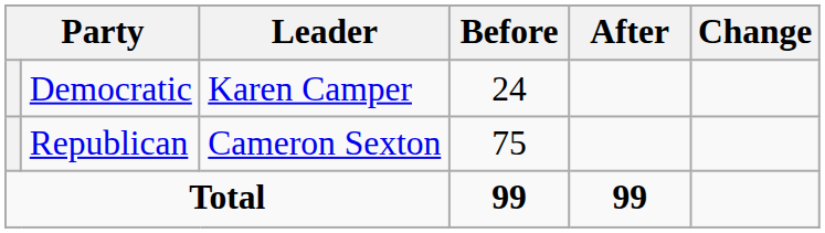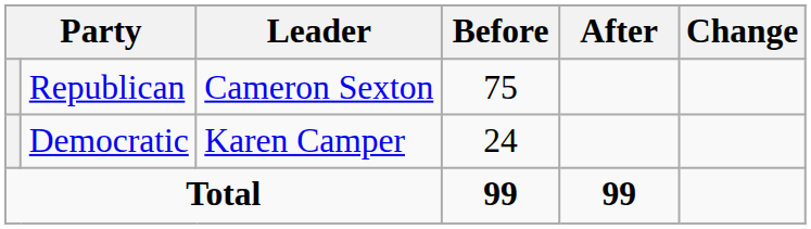 <table class="wikitable" style="text-align:center;">
 <tr>
 </tr>
 <tr>
 <th colspan="2">Party</th>
 <th>Leader</th>
 <th style="width:3em">Before</th>
 <th style="width:3em">After</th>
 <th style="width:3em">Change</th>
 </tr>
 <tr>
 <th style="background-color:"></th>
-<td style="text-align:left;"><a href='#'>Democratic</a></td>
-<td style="text-align:left;"><a href='#'>Karen Camper</a></td>
-<td>24</td>
+<td style="text-align:left;"><a href='#'>Republican</a></td>
+<td style="text-align:left;"><a href='#'>Cameron Sexton</a></td>
+<td>75</td>
 <td></td>
 <td></td>
 </tr>
 <tr>
 <th style="background-color:"></th>
-<td style="text-align:left;"><a href='#'>Republican</a></td>
-<td style="text-align:left;"><a href='#'>Cameron Sexton</a></td>
-<td>75</td>
+<td style="text-align:left;"><a href='#'>Democratic</a></td>
+<td style="text-align:left;"><a href='#'>Karen Camper</a></td>
+<td>24</td>
 <td></td>
 <td></td>
 </tr>
 <tr>
 <td colspan="3"><strong>Total</strong></td>
 <td><strong>99</strong></td>
 <td><strong>99</strong></td>
 <td></td>
 </tr>
 </table>
